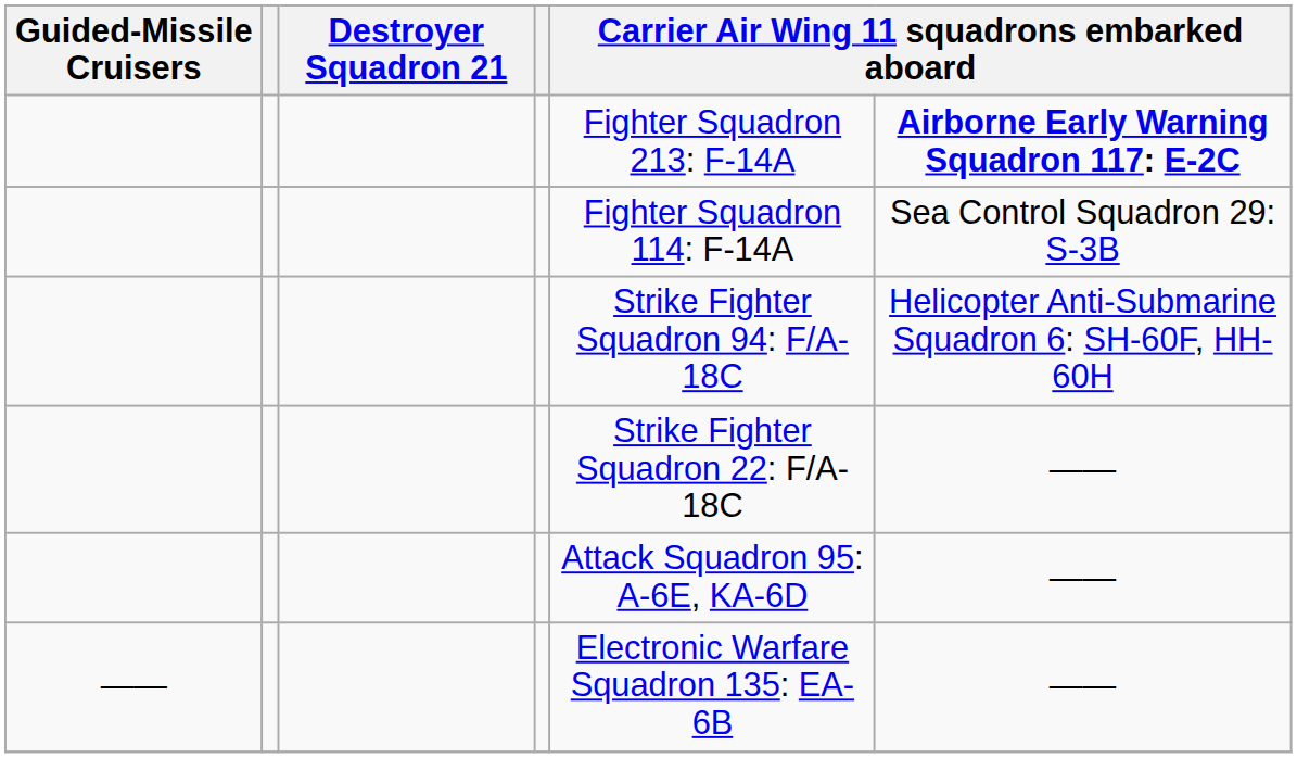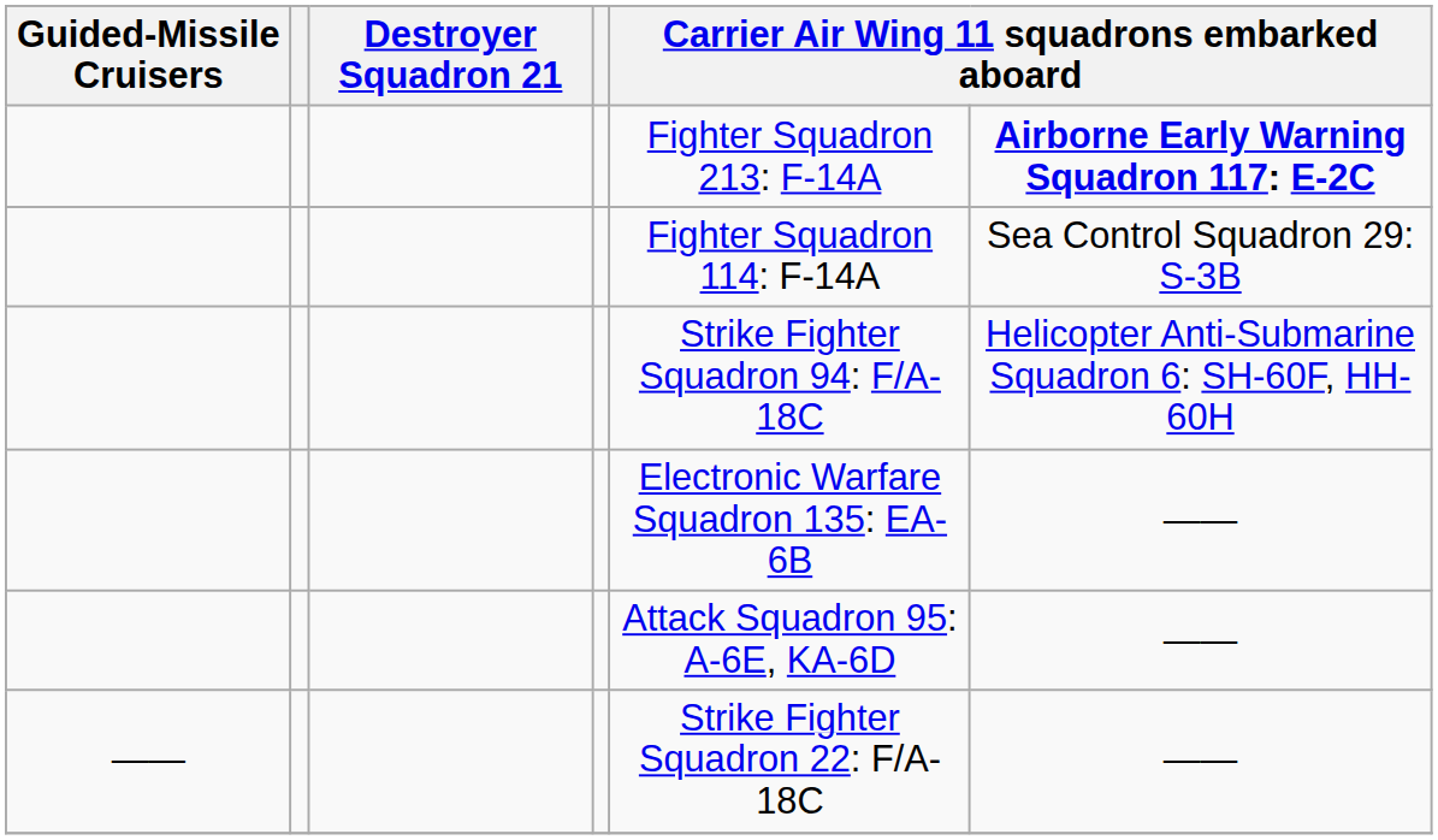 <table class="wikitable" style="text-align:center" width=99%>
 <tr>
 <th colspan="1" width="20%" align="center">Guided-Missile Cruisers</th>
 <th colspan="1" width="0%" align="center"></th>
 <th colspan="1" width="20%" align="center"><a href='#'>Destroyer Squadron 21</a></th>
 <th colspan="1" width="0%" align="center"></th>
 <th colspan="2" align="center"><a href='#'>Carrier Air Wing 11</a> squadrons embarked aboard </th>
 </tr>
 <tr>
 <td></td>
 <td></td>
 <td></td>
 <td></td>
 <td><a href='#'>Fighter Squadron 213</a>:  <a href='#'>F-14A</a></td>
 <td><strong><a href='#'>Airborne Early Warning Squadron 117</a>:  <a href='#'>E-2C</a></strong></td>
 </tr>
 <tr>
 <td></td>
 <td></td>
 <td></td>
 <td></td>
 <td><a href='#'>Fighter Squadron 114</a>:  F-14A</td>
 <td>Sea Control Squadron 29: <a href='#'>S-3B</a></td>
 </tr>
 <tr>
 <td></td>
 <td></td>
 <td></td>
 <td></td>
 <td><a href='#'>Strike Fighter Squadron 94</a>:  <a href='#'>F/A-18C</a></td>
 <td><a href='#'>Helicopter Anti-Submarine Squadron 6</a>:  <a href='#'>SH-60F</a>, <a href='#'>HH-60H</a></td>
 </tr>
 <tr>
 <td></td>
 <td></td>
 <td></td>
 <td></td>
-<td><a href='#'>Strike Fighter Squadron 22</a>:  F/A-18C</td>
+<td><a href='#'>Electronic Warfare Squadron 135</a>:  <a href='#'>EA-6B</a></td>
 <td>——</td>
 </tr>
 <tr>
 <td></td>
 <td></td>
 <td></td>
 <td></td>
 <td><a href='#'>Attack Squadron 95</a>:  <a href='#'>A-6E</a>, <a href='#'>KA-6D</a></td>
 <td>——</td>
 </tr>
 <tr>
 <td>——</td>
 <td></td>
 <td></td>
 <td></td>
-<td><a href='#'>Electronic Warfare Squadron 135</a>:  <a href='#'>EA-6B</a></td>
+<td><a href='#'>Strike Fighter Squadron 22</a>:  F/A-18C</td>
 <td>——</td>
 </tr>
 <tr>
 </tr>
 </table>
